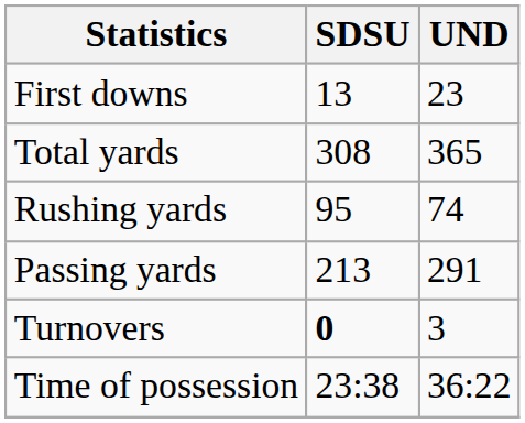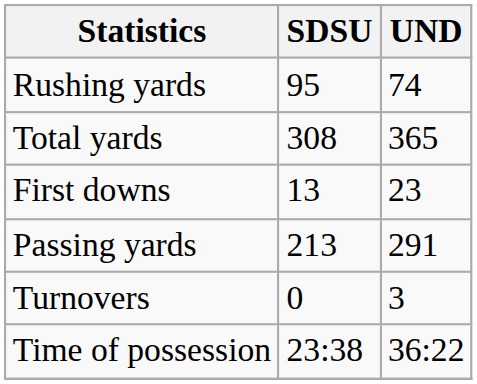 <table class="wikitable">
 <tr>
 <th>Statistics</th>
 <th>SDSU</th>
 <th>UND</th>
 </tr>
 <tr>
-<td>First downs</td>
-<td>13</td>
-<td>23</td>
+<td>Rushing yards</td>
+<td>95</td>
+<td>74</td>
 </tr>
 <tr>
 <td>Total yards</td>
 <td>308</td>
 <td>365</td>
 </tr>
 <tr>
-<td>Rushing yards</td>
-<td>95</td>
-<td>74</td>
+<td>First downs</td>
+<td>13</td>
+<td>23</td>
 </tr>
 <tr>
 <td>Passing yards</td>
 <td>213</td>
 <td>291</td>
 </tr>
 <tr>
 <td>Turnovers</td>
-<td><strong>0</strong></td>
+<td>0</td>
 <td>3</td>
 </tr>
 <tr>
 <td>Time of possession</td>
 <td>23:38</td>
 <td>36:22</td>
 </tr>
 <tr>
 </tr>
 </table>
